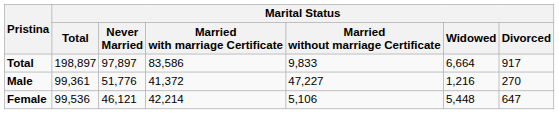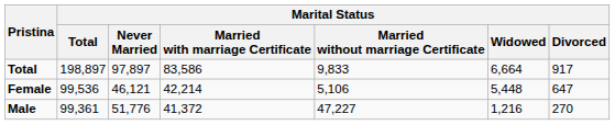 <table class="wikitable">
 <tr>
 <th scope="col" rowspan="2">Pristina</th>
 <th scope="col" colspan="6">Marital Status</th>
 </tr>
 <tr style="text-align:center; background:#f0f0f0;">
 <th scope="col">Total</th>
 <th scope="col">Never<br>Married</th>
 <th scope="col">Married<br>with marriage Certificate</th>
 <th scope="col">Married<br>without marriage Certificate</th>
 <th scope="col">Widowed</th>
 <th scope="col">Divorced</th>
 </tr>
 <tr>
 <td><strong>Total</strong></td>
 <td>198,897</td>
 <td>97,897</td>
 <td>83,586</td>
 <td>9,833</td>
 <td>6,664</td>
 <td>917</td>
 </tr>
 <tr>
+<td><strong>Female</strong></td>
+<td>99,536</td>
+<td>46,121</td>
+<td>42,214</td>
+<td>5,106</td>
+<td>5,448</td>
+<td>647</td>
+</tr>
+<tr>
 <td><strong>Male</strong></td>
 <td>99,361</td>
 <td>51,776</td>
 <td>41,372</td>
 <td>47,227</td>
 <td>1,216</td>
 <td>270</td>
 </tr>
-<tr>
-<td><strong>Female</strong></td>
-<td>99,536</td>
-<td>46,121</td>
-<td>42,214</td>
-<td>5,106</td>
-<td>5,448</td>
-<td>647</td>
-</tr>
 </table>
